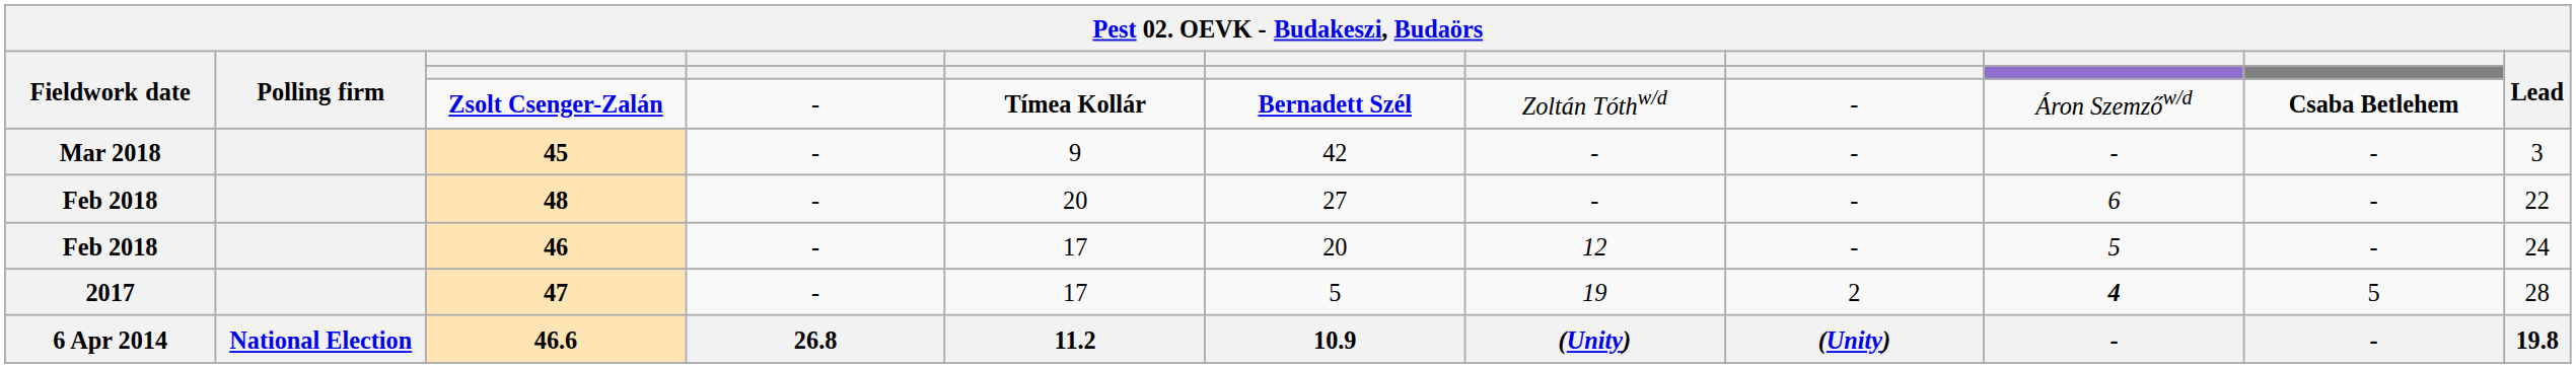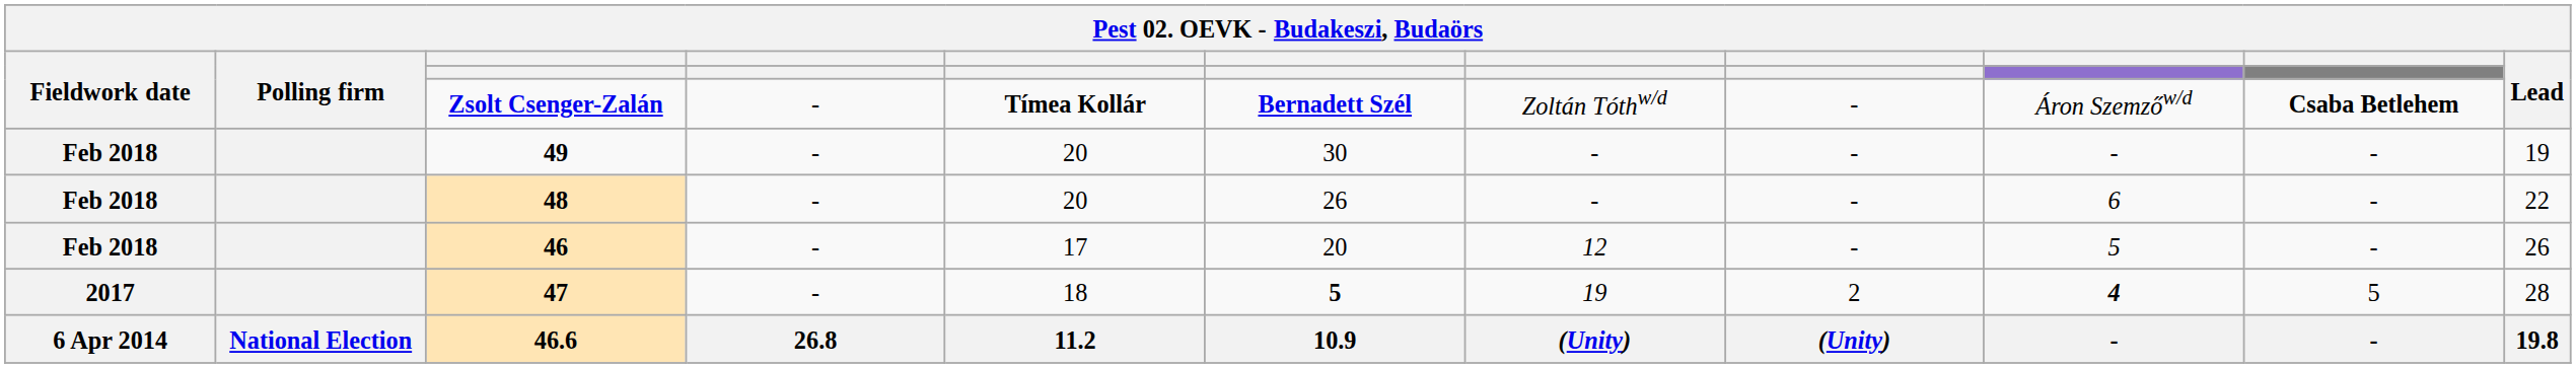 <table class="wikitable mw-collapsible mw-collapsed" style="text-align:center">
 <tr>
 <th colspan="11" style="width: 980pt;"><small><a href='#'>Pest</a> 02. OEVK -</small> <small><a href='#'>Budakeszi</a>, <a href='#'>Budaörs</a></small></th>
 </tr>
 <tr>
 <th rowspan="3" style="width: 80pt;"><small>Fieldwork</small> <small>date</small></th>
 <th rowspan="3" style="width: 80pt;"><strong><small>Polling</small> <small>firm</small></strong></th>
 <th style="width: 100pt;"><small></small></th>
 <th style="width: 100pt;"><small> </small></th>
 <th style="width: 100pt;"></th>
 <th style="width: 100pt;"></th>
 <th style="width: 100pt;"></th>
 <th style="width: 100pt;"></th>
 <th style="width: 100pt;"></th>
 <th style="width: 100pt;"></th>
 <th rowspan="3" style="width: 20pt;"><small>Lead</small></th>
 </tr>
 <tr>
 <th style="color:inherit;background:"></th>
 <th style="color:inherit;background:"></th>
 <th style="color:inherit;background:"></th>
 <th style="color:inherit;background:"></th>
 <th style="color:inherit;background:"></th>
 <th style="color:inherit;background:"></th>
 <th style="color:inherit;background:#8E6FCE;"></th>
 <th style="color:inherit;background:#808080;"></th>
 </tr>
 <tr>
 <td><small><strong><a href='#'>Zsolt Csenger-Zalán</a></strong></small></td>
 <td><small>-</small></td>
 <td><small><strong>Tímea Kollár</strong></small></td>
 <td><small><strong><a href='#'>Bernadett Szél</a></strong></small></td>
 <td><small><em>Zoltán Tóth<sup>w/d</sup></em></small></td>
 <td><small>-</small></td>
 <td><small><em>Áron Szemző<sup>w/d</sup></em></small></td>
 <td><small><strong>Csaba Betlehem</strong></small></td>
 </tr>
 <tr>
-<th><small>Mar 2018</small></th>
-<th><small></small></th>
-<td style="background:#FFE5B4"><small><strong>45</strong></small></td>
+<th><small>Feb 2018</small></th>
+<th><small> </small></th>
+<td><small><strong>49</strong></small></td>
 <td><small>-</small></td>
-<td><small>9</small></td>
-<td><small>42</small></td>
+<td><small>20</small></td>
+<td><small>30</small></td>
 <td><small><em>-</em></small></td>
 <td><small>-</small></td>
 <td><small><em>-</em></small></td>
 <td><small>-</small></td>
-<td style="background:"><small>3</small></td>
+<td><small>19</small></td>
 </tr>
 <tr>
 <th><small>Feb 2018</small></th>
 <th><small> </small></th>
 <td style="background:#FFE5B4"><small><strong>48</strong></small></td>
 <td><small>-</small></td>
 <td><small>20</small></td>
-<td><small>27</small></td>
+<td><small>26</small></td>
 <td><small><em>-</em></small></td>
 <td><small>-</small></td>
 <td><small><em>6</em></small></td>
 <td><small>-</small></td>
 <td style="background:"><small>22</small></td>
 </tr>
 <tr>
 <th><small>Feb 2018</small></th>
 <th><small> </small></th>
 <td style="background:#FFE5B4"><small><strong>46</strong></small></td>
 <td><small>-</small></td>
 <td><small>17</small></td>
 <td><small>20</small></td>
 <td><small><em>12</em></small></td>
 <td><small>-</small></td>
 <td><small><em>5</em></small></td>
 <td><small>-</small></td>
-<td style="background:"><small>24</small></td>
+<td style="background:"><small>26</small></td>
 </tr>
 <tr>
 <th><small>2017</small></th>
 <th><small></small></th>
 <td style="background:#FFE5B4"><small><strong>47</strong></small></td>
 <td><small>-</small></td>
-<td><small>17</small></td>
-<td><small>5</small></td>
+<td><small>18</small></td>
+<td><strong><small>5</small></strong></td>
 <td><small><em>19</em></small></td>
 <td><small>2</small></td>
 <td><strong><small><em>4</em></small></strong></td>
 <td><small>5</small></td>
 <td style="background:"><small>28</small></td>
 </tr>
 <tr>
 <th><small>6 Apr 2014</small></th>
 <th><a href='#'><small>National Election</small></a></th>
 <th style="background:#FFE5B4"><small><strong>46.6</strong></small></th>
 <th><small>26.8</small></th>
 <th><small>11.2</small></th>
 <th><small>10.9</small></th>
 <th><small><em>(<a href='#'>Unity</a>)</em></small></th>
 <th><small><em>(<a href='#'>Unity</a>)</em></small></th>
 <th><small>-</small></th>
 <th><small>-</small></th>
 <th style="background:"><small>19.8</small></th>
 </tr>
 </table>
